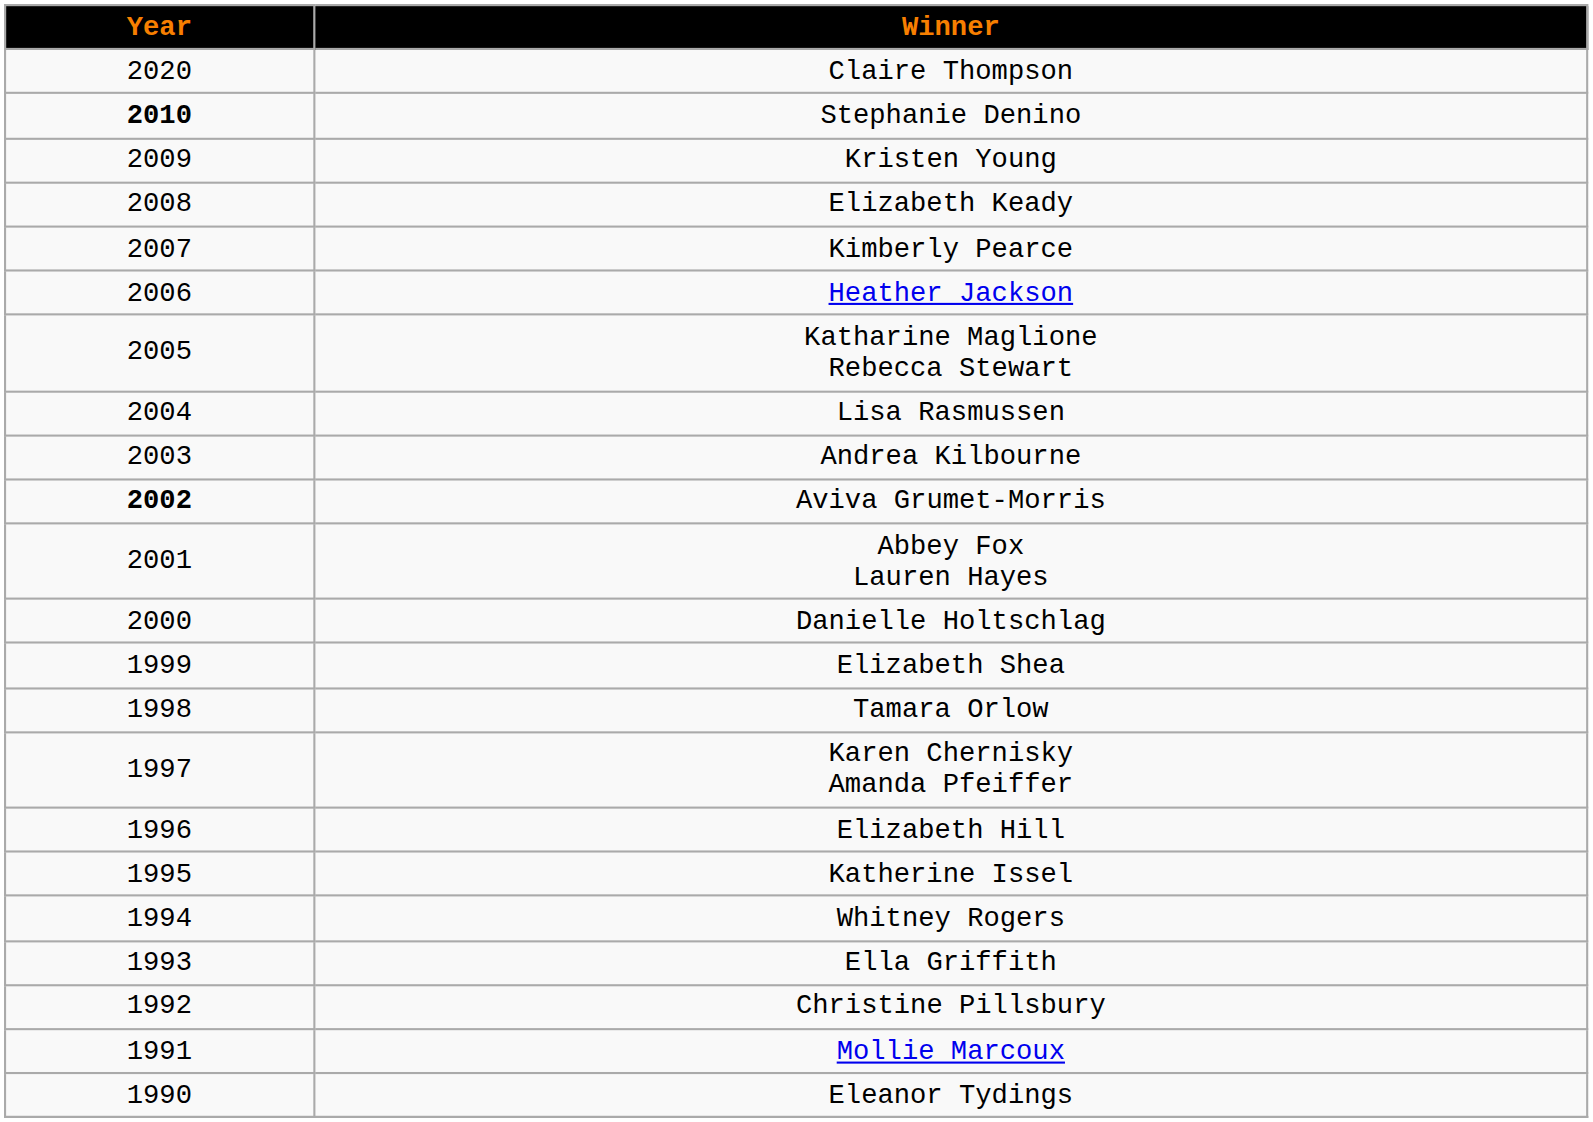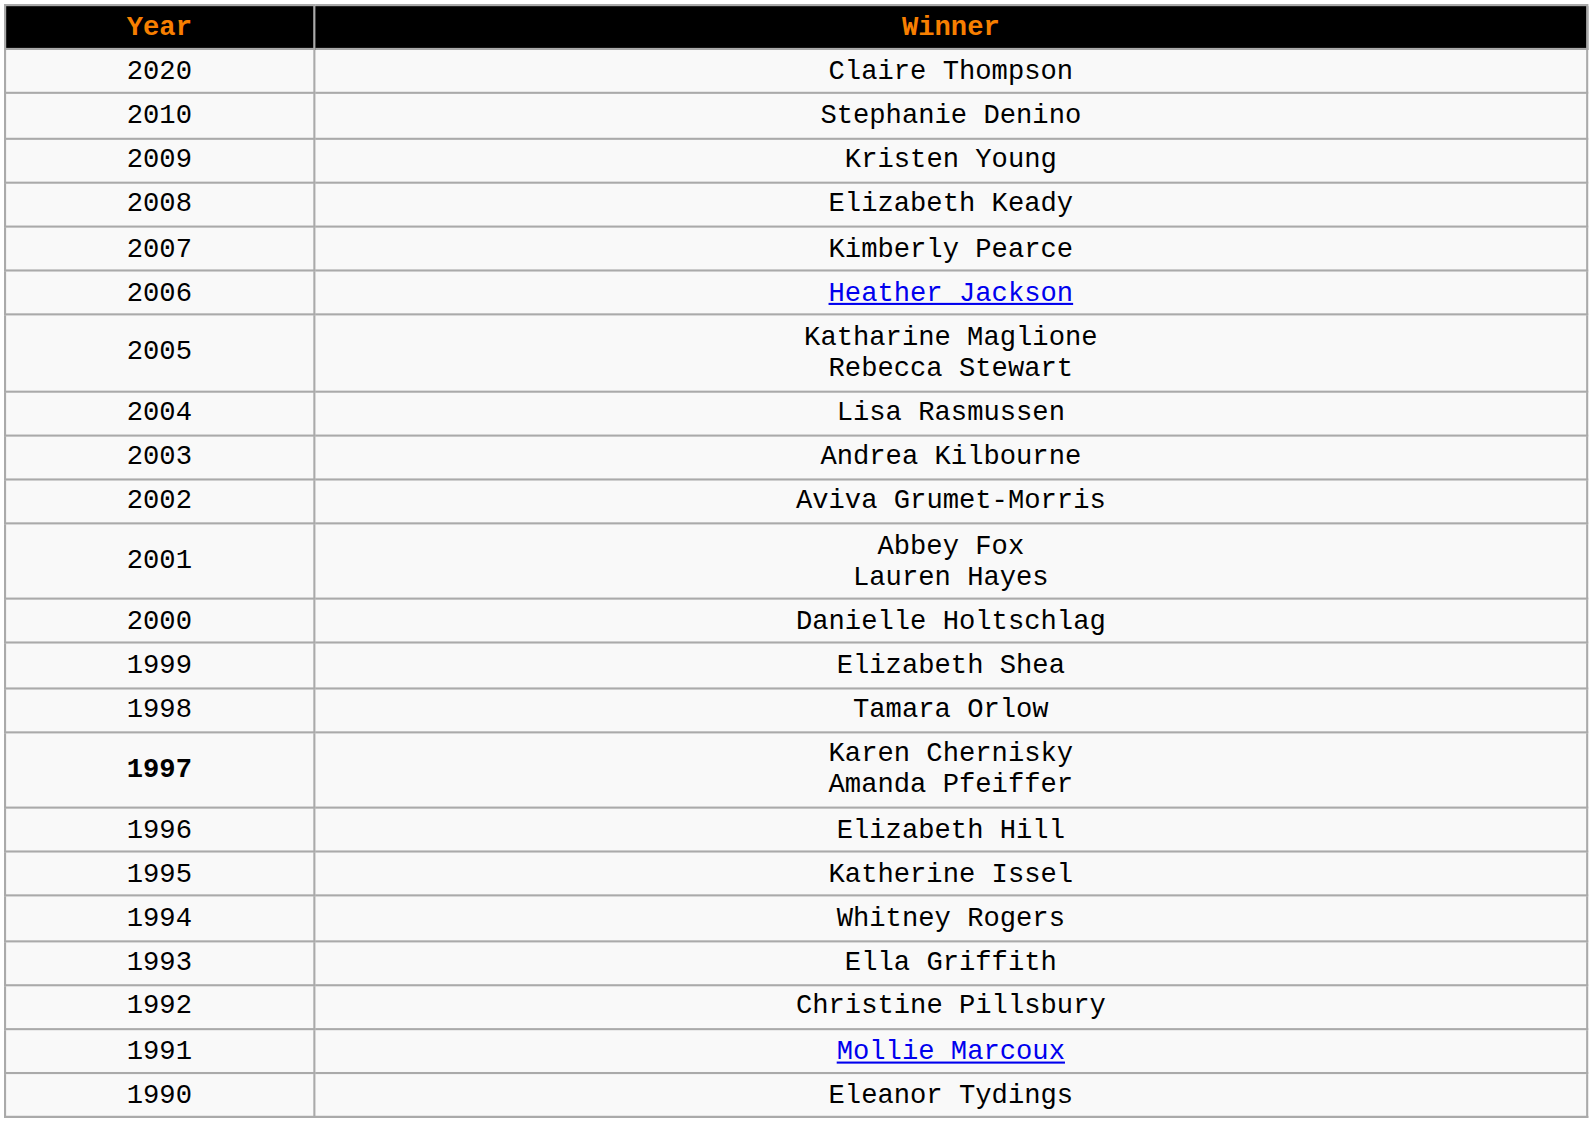 <table class="wikitable" width="60%">
 <tr align="center"  style="background:black;color:#F77F00;">
 <td><strong>Year</strong></td>
 <td><strong>Winner</strong></td>
 </tr>
 <tr align="center" bgcolor="">
 <td>2020</td>
 <td>Claire Thompson</td>
 </tr>
 <tr align="center" bgcolor="">
-<td><strong>2010</strong></td>
+<td>2010</td>
 <td>Stephanie Denino</td>
 </tr>
 <tr align="center" bgcolor="">
 <td>2009</td>
 <td>Kristen Young</td>
 </tr>
 <tr align="center" bgcolor="">
 <td>2008</td>
 <td>Elizabeth Keady</td>
 </tr>
 <tr align="center" bgcolor="">
 <td>2007</td>
 <td>Kimberly Pearce</td>
 </tr>
 <tr align="center" bgcolor="">
 <td>2006</td>
 <td><a href='#'>Heather Jackson</a></td>
 </tr>
 <tr align="center" bgcolor="">
 <td>2005</td>
 <td>Katharine Maglione<br>Rebecca Stewart</td>
 </tr>
 <tr align="center" bgcolor="">
 <td>2004</td>
 <td>Lisa Rasmussen</td>
 </tr>
 <tr align="center" bgcolor="">
 <td>2003</td>
 <td>Andrea Kilbourne</td>
 </tr>
 <tr align="center" bgcolor="">
-<td><strong>2002</strong></td>
+<td>2002</td>
 <td>Aviva Grumet-Morris</td>
 </tr>
 <tr align="center" bgcolor="">
 <td>2001</td>
 <td>Abbey Fox<br>Lauren Hayes</td>
 </tr>
 <tr align="center" bgcolor="">
 <td>2000</td>
 <td>Danielle Holtschlag</td>
 </tr>
 <tr align="center" bgcolor="">
 <td>1999</td>
 <td>Elizabeth Shea</td>
 </tr>
 <tr align="center" bgcolor="">
 <td>1998</td>
 <td>Tamara Orlow</td>
 </tr>
 <tr align="center" bgcolor="">
-<td>1997</td>
+<td><strong>1997</strong></td>
 <td>Karen Chernisky<br>Amanda Pfeiffer</td>
 </tr>
 <tr align="center" bgcolor="">
 <td>1996</td>
 <td>Elizabeth Hill</td>
 </tr>
 <tr align="center" bgcolor="">
 <td>1995</td>
 <td>Katherine Issel</td>
 </tr>
 <tr align="center" bgcolor="">
 <td>1994</td>
 <td>Whitney Rogers</td>
 </tr>
 <tr align="center" bgcolor="">
 <td>1993</td>
 <td>Ella Griffith</td>
 </tr>
 <tr align="center" bgcolor="">
 <td>1992</td>
 <td>Christine Pillsbury</td>
 </tr>
 <tr align="center" bgcolor="">
 <td>1991</td>
 <td><a href='#'>Mollie Marcoux</a></td>
 </tr>
 <tr align="center" bgcolor="">
 <td>1990</td>
 <td>Eleanor Tydings</td>
 </tr>
 <tr align="center" bgcolor="">
 </tr>
 </table>
